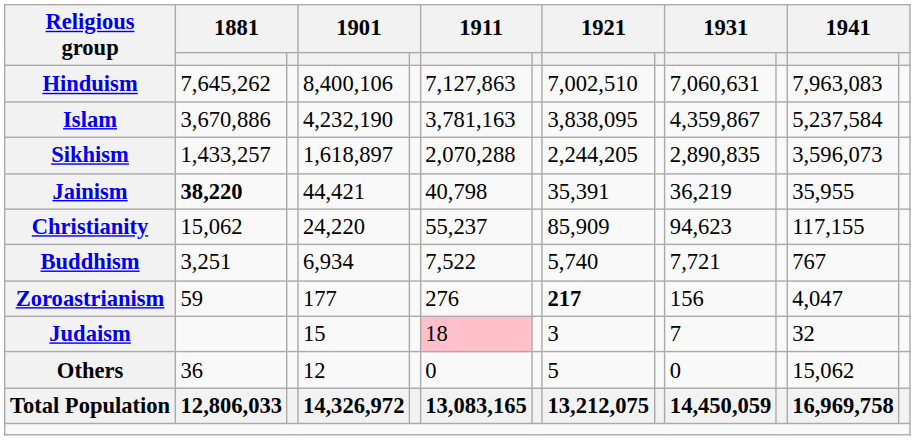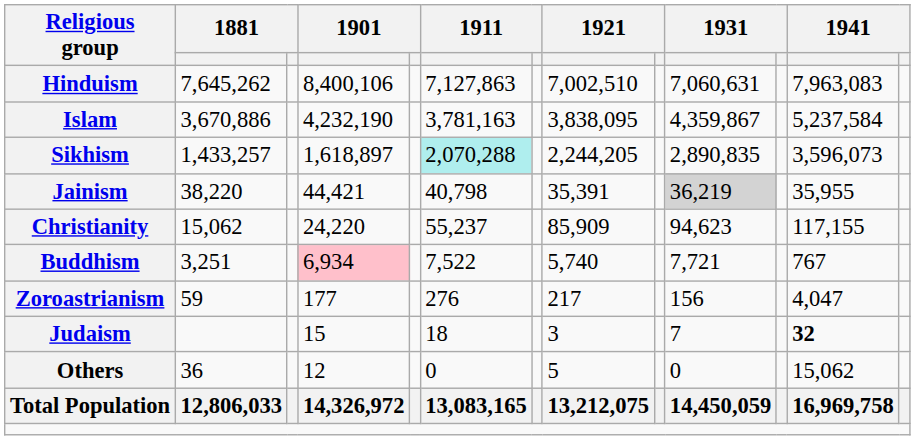 <table class="wikitable sortable">
 <tr>
 <th rowspan="2"><a href='#'>Religious</a><br>group</th>
 <th colspan="2">1881</th>
 <th colspan="2">1901</th>
 <th colspan="2">1911</th>
 <th colspan="2">1921</th>
 <th colspan="2">1931</th>
 <th colspan="2">1941</th>
 </tr>
 <tr>
 <th><a href='#'></a></th>
 <th></th>
 <th></th>
 <th></th>
 <th></th>
 <th></th>
 <th></th>
 <th></th>
 <th></th>
 <th></th>
 <th></th>
 <th></th>
 </tr>
 <tr>
 <th><a href='#'>Hinduism</a> </th>
 <td>7,645,262</td>
 <td></td>
 <td>8,400,106</td>
 <td></td>
 <td>7,127,863</td>
 <td></td>
 <td>7,002,510</td>
 <td></td>
 <td>7,060,631</td>
 <td></td>
 <td>7,963,083</td>
 <td></td>
 </tr>
 <tr>
 <th><a href='#'>Islam</a> </th>
 <td>3,670,886</td>
 <td></td>
 <td>4,232,190</td>
 <td></td>
 <td>3,781,163</td>
 <td></td>
 <td>3,838,095</td>
 <td></td>
 <td>4,359,867</td>
 <td></td>
 <td>5,237,584</td>
 <td></td>
 </tr>
 <tr>
 <th><a href='#'>Sikhism</a> </th>
 <td>1,433,257</td>
 <td></td>
 <td>1,618,897</td>
 <td></td>
-<td>2,070,288</td>
+<td style="background: paleturquoise;">2,070,288</td>
 <td></td>
 <td>2,244,205</td>
 <td></td>
 <td>2,890,835</td>
 <td></td>
 <td>3,596,073</td>
 <td></td>
 </tr>
 <tr>
 <th><a href='#'>Jainism</a> </th>
-<td><strong>38,220</strong></td>
+<td>38,220</td>
 <td></td>
 <td>44,421</td>
 <td></td>
 <td>40,798</td>
 <td></td>
 <td>35,391</td>
 <td></td>
-<td>36,219</td>
+<td style="background: lightgrey;">36,219</td>
 <td></td>
 <td>35,955</td>
 <td></td>
 </tr>
 <tr>
 <th><a href='#'>Christianity</a> </th>
 <td>15,062</td>
 <td></td>
 <td>24,220</td>
 <td></td>
 <td>55,237</td>
 <td></td>
 <td>85,909</td>
 <td></td>
 <td>94,623</td>
 <td></td>
 <td>117,155</td>
 <td></td>
 </tr>
 <tr>
 <th><a href='#'>Buddhism</a> </th>
 <td>3,251</td>
 <td></td>
-<td>6,934</td>
+<td style="background: pink;">6,934</td>
 <td></td>
 <td>7,522</td>
 <td></td>
 <td>5,740</td>
 <td></td>
 <td>7,721</td>
 <td></td>
 <td>767</td>
 <td></td>
 </tr>
 <tr>
 <th><a href='#'>Zoroastrianism</a> </th>
 <td>59</td>
 <td></td>
 <td>177</td>
 <td></td>
 <td>276</td>
 <td></td>
-<td><strong>217</strong></td>
+<td>217</td>
 <td></td>
 <td>156</td>
 <td></td>
 <td>4,047</td>
 <td></td>
 </tr>
 <tr>
 <th><a href='#'>Judaism</a> </th>
 <td></td>
 <td></td>
 <td>15</td>
 <td></td>
-<td style="background: pink;">18</td>
+<td>18</td>
 <td></td>
 <td>3</td>
 <td></td>
 <td>7</td>
 <td></td>
-<td>32</td>
+<td><strong>32</strong></td>
 <td></td>
 </tr>
 <tr>
 <th>Others</th>
 <td>36</td>
 <td></td>
 <td>12</td>
 <td></td>
 <td>0</td>
 <td></td>
 <td>5</td>
 <td></td>
 <td>0</td>
 <td></td>
 <td>15,062</td>
 <td></td>
 </tr>
 <tr>
 <th>Total Population</th>
 <th>12,806,033</th>
 <th></th>
 <th>14,326,972</th>
 <th></th>
 <th>13,083,165</th>
 <th></th>
 <th>13,212,075</th>
 <th></th>
 <th>14,450,059</th>
 <th></th>
 <th>16,969,758</th>
 <th></th>
 </tr>
 <tr class="sortbottom">
 <td colspan="14"></td>
 </tr>
 </table>
